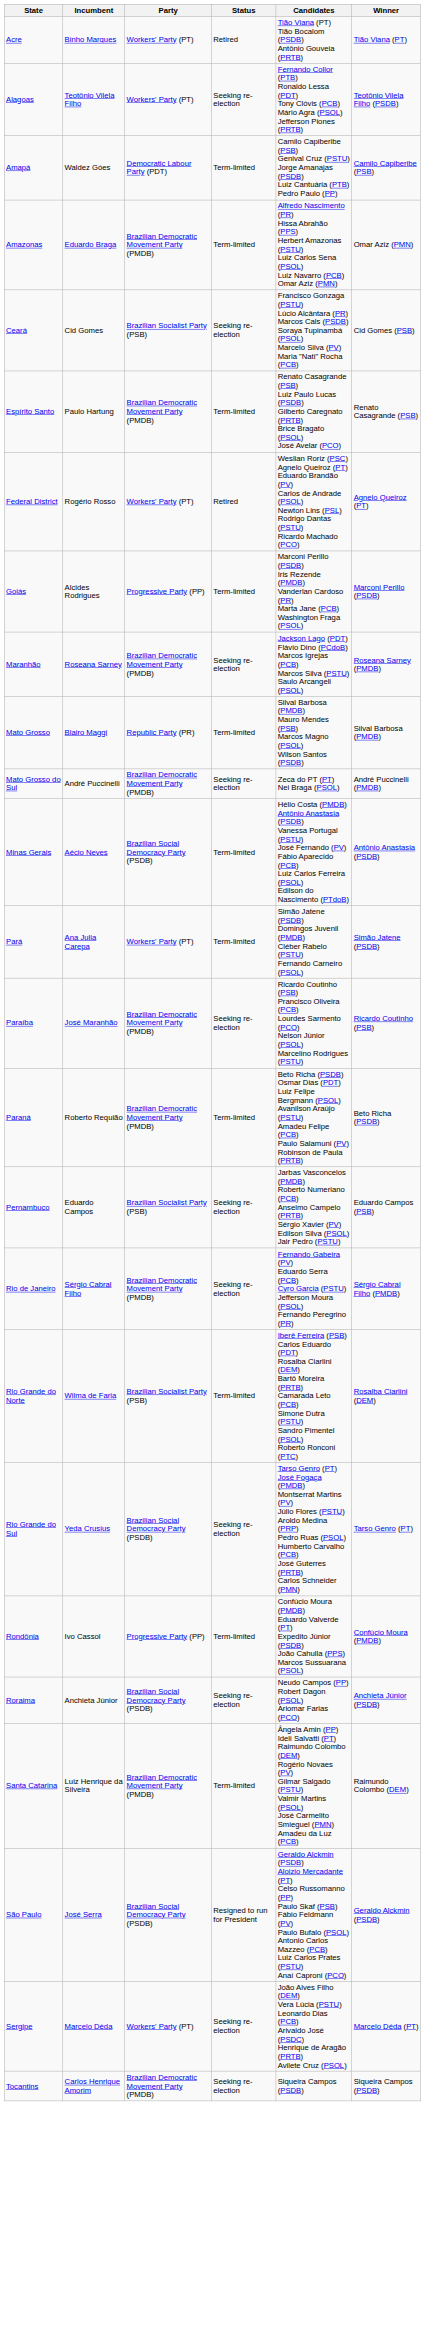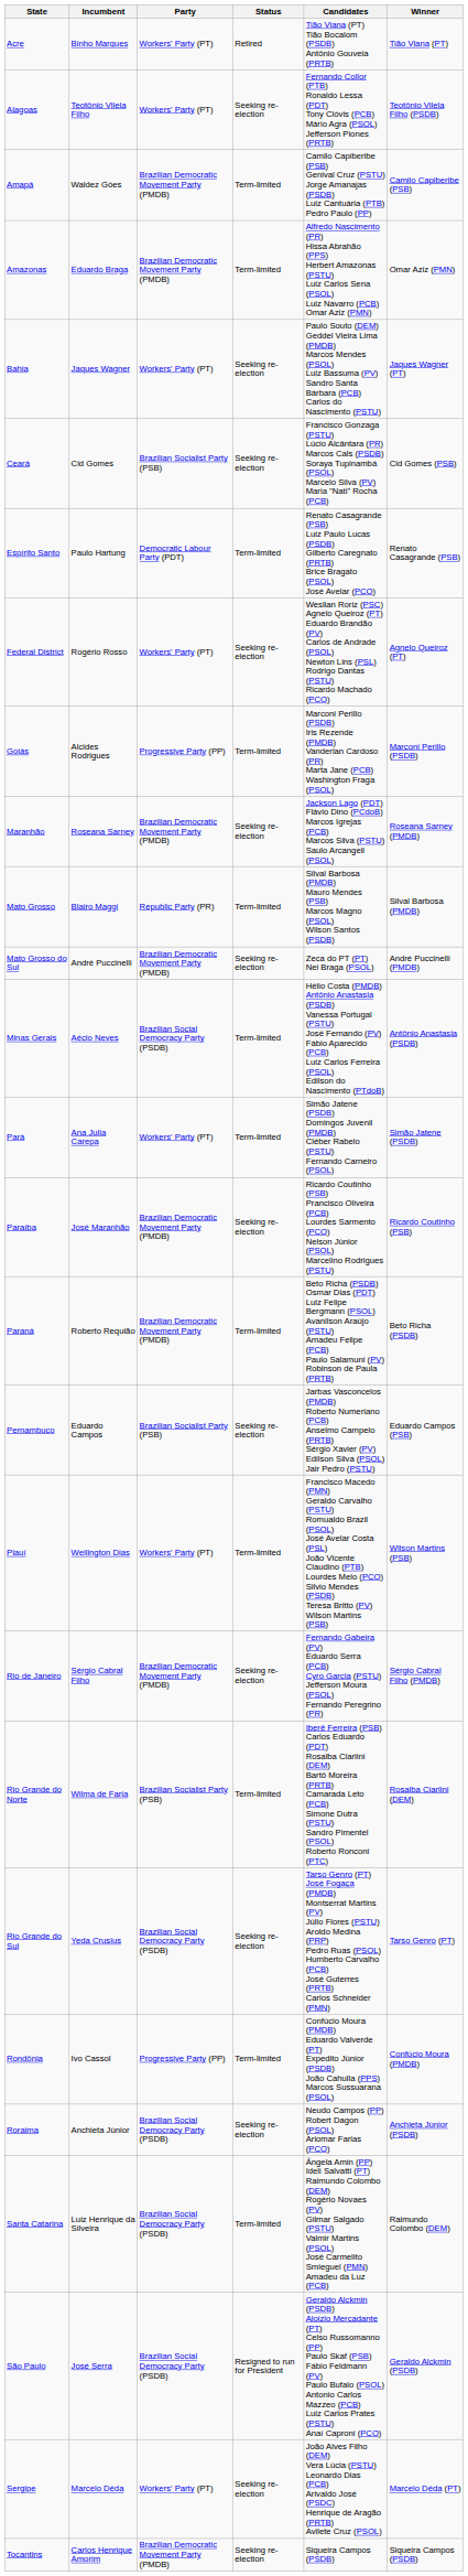 <table class="wikitable sortable">
 <tr>
 <th>State</th>
 <th>Incumbent</th>
 <th>Party</th>
 <th>Status</th>
 <th>Candidates</th>
 <th>Winner</th>
 </tr>
 <tr>
 <td><a href='#'>Acre</a></td>
 <td><a href='#'>Binho Marques</a></td>
 <td><a href='#'>Workers' Party</a> (PT)</td>
 <td>Retired</td>
 <td><a href='#'>Tião Viana</a> (PT)<br>Tião Bocalom (<a href='#'>PSDB</a>)<br>Antônio  Gouveia (<a href='#'>PRTB</a>)</td>
 <td><a href='#'>Tião Viana</a> (<a href='#'>PT</a>)</td>
 </tr>
 <tr>
 <td><a href='#'>Alagoas</a></td>
 <td><a href='#'>Teotônio Vilela Filho</a></td>
 <td><a href='#'>Workers' Party</a> (PT)</td>
 <td>Seeking re-election</td>
 <td><a href='#'>Fernando Collor</a> (<a href='#'>PTB</a>)<br>Ronaldo Lessa (<a href='#'>PDT</a>)<br>Tony Clóvis (<a href='#'>PCB</a>)<br>Mário Agra (<a href='#'>PSOL</a>)<br>Jefferson Piones (<a href='#'>PRTB</a>)</td>
 <td><a href='#'>Teotônio Vilela Filho</a> (<a href='#'>PSDB</a>)</td>
 </tr>
 <tr>
 <td><a href='#'>Amapá</a></td>
 <td>Waldez Góes</td>
-<td><a href='#'>Democratic Labour Party</a> (PDT)</td>
+<td><a href='#'>Brazilian Democratic<br>Movement Party</a> (PMDB)</td>
 <td>Term-limited</td>
 <td>Camilo Capiberibe (<a href='#'>PSB</a>)<br>Genival Cruz (<a href='#'>PSTU</a>)<br>Jorge Amanajas (<a href='#'>PSDB</a>)<br>Luiz Cantuária (<a href='#'>PTB</a>)<br>Pedro Paulo (<a href='#'>PP</a>)</td>
 <td><a href='#'>Camilo Capiberibe</a> (<a href='#'>PSB</a>)</td>
 </tr>
 <tr>
 <td><a href='#'>Amazonas</a></td>
 <td><a href='#'>Eduardo Braga</a></td>
 <td><a href='#'>Brazilian Democratic<br>Movement Party</a> (PMDB)</td>
 <td>Term-limited</td>
 <td><a href='#'>Alfredo Nascimento</a> (<a href='#'>PR</a>)<br>Hissa Abrahão (<a href='#'>PPS</a>)<br>Herbert Amazonas (<a href='#'>PSTU</a>)<br>Luiz Carlos Sena (<a href='#'>PSOL</a>)<br>Luiz Navarro (<a href='#'>PCB</a>)<br>Omar Aziz (<a href='#'>PMN</a>)</td>
 <td>Omar Aziz (<a href='#'>PMN</a>)</td>
 </tr>
 <tr>
+<td><a href='#'>Bahia</a></td>
+<td><a href='#'>Jaques Wagner</a></td>
+<td><a href='#'>Workers' Party</a> (PT)</td>
+<td>Seeking re-election</td>
+<td>Paulo Souto (<a href='#'>DEM</a>)<br>Geddel Vieira Lima (<a href='#'>PMDB</a>)<br>Marcos Mendes (<a href='#'>PSOL</a>)<br>Luiz Bassuma (<a href='#'>PV</a>)<br>Sandro Santa Bárbara (<a href='#'>PCB</a>)<br>Carlos do Nascimento (<a href='#'>PSTU</a>)</td>
+<td><a href='#'>Jaques Wagner</a> (<a href='#'>PT</a>)</td>
+</tr>
+<tr>
 <td><a href='#'>Ceará</a></td>
 <td>Cid Gomes</td>
 <td><a href='#'>Brazilian Socialist Party</a> (PSB)</td>
 <td>Seeking re-election</td>
 <td>Francisco Gonzaga (<a href='#'>PSTU</a>)<br>Lúcio Alcântara (<a href='#'>PR</a>)<br>Marcos Cals (<a href='#'>PSDB</a>)<br>Soraya Tupinambá (<a href='#'>PSOL</a>)<br>Marcelo Silva (<a href='#'>PV</a>)<br>Maria "Nati" Rocha (<a href='#'>PCB</a>)</td>
 <td>Cid Gomes (<a href='#'>PSB</a>)</td>
 </tr>
 <tr>
 <td><a href='#'>Espírito Santo</a></td>
 <td>Paulo Hartung</td>
-<td><a href='#'>Brazilian Democratic<br>Movement Party</a> (PMDB)</td>
+<td><a href='#'>Democratic Labour Party</a> (PDT)</td>
 <td>Term-limited</td>
 <td>Renato Casagrande (<a href='#'>PSB</a>)<br>Luiz Paulo Lucas (<a href='#'>PSDB</a>)<br>Gilberto Caregnato (<a href='#'>PRTB</a>)<br>Brice Bragato (<a href='#'>PSOL</a>)<br>José Avelar (<a href='#'>PCO</a>)</td>
 <td>Renato Casagrande (<a href='#'>PSB</a>)</td>
 </tr>
 <tr>
 <td><a href='#'>Federal District</a></td>
 <td>Rogério Rosso</td>
 <td><a href='#'>Workers' Party</a> (PT)</td>
-<td>Retired</td>
+<td>Seeking re-election</td>
 <td>Weslian Roriz (<a href='#'>PSC</a>)<br>Agnelo Queiroz (<a href='#'>PT</a>)<br>Eduardo Brandão (<a href='#'>PV</a>)<br>Carlos de Andrade (<a href='#'>PSOL</a>)<br>Newton Lins (<a href='#'>PSL</a>)<br>Rodrigo Dantas (<a href='#'>PSTU</a>)<br>Ricardo Machado (<a href='#'>PCO</a>)</td>
 <td><a href='#'>Agnelo Queiroz</a> (<a href='#'>PT</a>)</td>
 </tr>
 <tr>
 <td><a href='#'>Goiás</a></td>
 <td>Alcides Rodrigues</td>
 <td><a href='#'>Progressive Party</a> (PP)</td>
 <td>Term-limited</td>
 <td>Marconi Perillo (<a href='#'>PSDB</a>)<br>Iris Rezende (<a href='#'>PMDB</a>)<br>Vanderlan Cardoso (<a href='#'>PR</a>)<br>Marta Jane (<a href='#'>PCB</a>)<br>Washington Fraga (<a href='#'>PSOL</a>)</td>
 <td><a href='#'>Marconi Perillo</a> (<a href='#'>PSDB</a>)</td>
 </tr>
 <tr>
 <td><a href='#'>Maranhão</a></td>
 <td><a href='#'>Roseana Sarney</a></td>
 <td><a href='#'>Brazilian Democratic<br>Movement Party</a> (PMDB)</td>
 <td>Seeking re-election</td>
 <td><a href='#'>Jackson Lago</a> (<a href='#'>PDT</a>)<br>Flávio Dino (<a href='#'>PCdoB</a>)<br>Marcos Igrejas (<a href='#'>PCB</a>)<br>Marcos Silva (<a href='#'>PSTU</a>)<br>Saulo Arcangeli (<a href='#'>PSOL</a>)</td>
 <td><a href='#'>Roseana Sarney</a> (<a href='#'>PMDB</a>)</td>
 </tr>
 <tr>
 <td><a href='#'>Mato Grosso</a></td>
 <td><a href='#'>Blairo Maggi</a></td>
 <td><a href='#'>Republic Party</a> (PR)</td>
 <td>Term-limited</td>
 <td>Silval Barbosa (<a href='#'>PMDB</a>)<br>Mauro Mendes (<a href='#'>PSB</a>)<br>Marcos Magno (<a href='#'>PSOL</a>)<br>Wilson Santos (<a href='#'>PSDB</a>)</td>
 <td>Silval Barbosa (<a href='#'>PMDB</a>)</td>
 </tr>
 <tr>
 <td><a href='#'>Mato Grosso do Sul</a></td>
 <td>André Puccinelli</td>
 <td><a href='#'>Brazilian Democratic<br>Movement Party</a> (PMDB)</td>
 <td>Seeking re-election</td>
 <td>Zeca do PT (<a href='#'>PT</a>)<br>Nei Braga (<a href='#'>PSOL</a>)</td>
 <td>André Puccinelli (<a href='#'>PMDB</a>)</td>
 </tr>
 <tr>
 <td><a href='#'>Minas Gerais</a></td>
 <td><a href='#'>Aécio Neves</a></td>
 <td><a href='#'>Brazilian Social Democracy Party</a> (PSDB)</td>
 <td>Term-limited</td>
 <td>Hélio Costa (<a href='#'>PMDB</a>)<br><a href='#'>Antônio Anastasia</a> (<a href='#'>PSDB</a>)<br>Vanessa Portugal (<a href='#'>PSTU</a>)<br>José Fernando (<a href='#'>PV</a>)<br>Fábio Aparecido (<a href='#'>PCB</a>)<br>Luiz Carlos Ferreira (<a href='#'>PSOL</a>)<br>Edilson do Nascimento (<a href='#'>PTdoB</a>)</td>
 <td><a href='#'>Antônio Anastasia</a> (<a href='#'>PSDB</a>)</td>
 </tr>
 <tr>
 <td><a href='#'>Pará</a></td>
 <td><a href='#'>Ana Julia Carepa</a></td>
 <td><a href='#'>Workers' Party</a> (PT)</td>
 <td>Term-limited</td>
 <td>Simão Jatene (<a href='#'>PSDB</a>)<br>Domingos Juvenil (<a href='#'>PMDB</a>)<br>Cléber Rabelo (<a href='#'>PSTU</a>)<br>Fernando Carneiro (<a href='#'>PSOL</a>)</td>
 <td><a href='#'>Simão Jatene</a> (<a href='#'>PSDB</a>)</td>
 </tr>
 <tr>
 <td><a href='#'>Paraíba</a></td>
 <td><a href='#'>José Maranhão</a></td>
 <td><a href='#'>Brazilian Democratic<br>Movement Party</a> (PMDB)</td>
 <td>Seeking re-election</td>
 <td>Ricardo Coutinho (<a href='#'>PSB</a>)<br>Prancisco Oliveira (<a href='#'>PCB</a>)<br>Lourdes Sarmento (<a href='#'>PCO</a>)<br>Nelson Júnior (<a href='#'>PSOL</a>)<br>Marcelino Rodrigues (<a href='#'>PSTU</a>)</td>
 <td><a href='#'>Ricardo Coutinho</a> (<a href='#'>PSB</a>)</td>
 </tr>
 <tr>
 <td><a href='#'>Paraná</a></td>
 <td>Roberto Requião</td>
 <td><a href='#'>Brazilian Democratic<br>Movement Party</a> (PMDB)</td>
 <td>Term-limited</td>
 <td>Beto Richa (<a href='#'>PSDB</a>)<br>Osmar Dias (<a href='#'>PDT</a>)<br>Luiz Felipe Bergmann (<a href='#'>PSOL</a>)<br>Avanilson Araújo (<a href='#'>PSTU</a>)<br>Amadeu Felipe (<a href='#'>PCB</a>)<br>Paulo Salamuni (<a href='#'>PV</a>)<br>Robinson de Paula (<a href='#'>PRTB</a>)</td>
 <td>Beto Richa (<a href='#'>PSDB</a>)</td>
 </tr>
 <tr>
 <td><a href='#'>Pernambuco</a></td>
 <td>Eduardo Campos</td>
 <td><a href='#'>Brazilian Socialist Party</a> (PSB)</td>
 <td>Seeking re-election</td>
 <td>Jarbas Vasconcelos (<a href='#'>PMDB</a>)<br>Roberto Numeriano (<a href='#'>PCB</a>)<br>Anselmo Campelo (<a href='#'>PRTB</a>)<br>Sérgio Xavier (<a href='#'>PV</a>)<br>Edilson Silva (<a href='#'>PSOL</a>)<br>Jair Pedro (<a href='#'>PSTU</a>)</td>
 <td>Eduardo Campos (<a href='#'>PSB</a>)</td>
 </tr>
 <tr>
+<td><a href='#'>Piauí</a></td>
+<td><a href='#'>Wellington Dias</a></td>
+<td><a href='#'>Workers' Party</a> (PT)</td>
+<td>Term-limited</td>
+<td>Francisco Macedo (<a href='#'>PMN</a>)<br>Geraldo Carvalho (<a href='#'>PSTU</a>)<br>Romualdo Brazil (<a href='#'>PSOL</a>)<br>José Avelar Costa (<a href='#'>PSL</a>)<br>João Vicente Claudino (<a href='#'>PTB</a>)<br>Lourdes Melo (<a href='#'>PCO</a>)<br>Silvio Mendes (<a href='#'>PSDB</a>)<br>Teresa Britto (<a href='#'>PV</a>)<br>Wilson Martins (<a href='#'>PSB</a>)</td>
+<td><a href='#'>Wilson Martins</a> (<a href='#'>PSB</a>)</td>
+</tr>
+<tr>
 <td><a href='#'>Rio de Janeiro</a></td>
 <td><a href='#'>Sérgio Cabral Filho</a></td>
 <td><a href='#'>Brazilian Democratic<br>Movement Party</a> (PMDB)</td>
 <td>Seeking re-election</td>
 <td><a href='#'>Fernando Gabeira</a> (<a href='#'>PV</a>)<br>Eduardo Serra (<a href='#'>PCB</a>)<br><a href='#'>Cyro Garcia</a> (<a href='#'>PSTU</a>)<br>Jefferson Moura (<a href='#'>PSOL</a>)<br>Fernando Peregrino (<a href='#'>PR</a>)</td>
 <td><a href='#'>Sérgio Cabral Filho</a> (<a href='#'>PMDB</a>)</td>
 </tr>
 <tr>
 <td><a href='#'>Rio Grande do Norte</a></td>
 <td><a href='#'>Wilma de Faria</a></td>
 <td><a href='#'>Brazilian Socialist Party</a> (PSB)</td>
 <td>Term-limited</td>
 <td><a href='#'>Iberê Ferreira</a> (<a href='#'>PSB</a>)<br>Carlos Eduardo (<a href='#'>PDT</a>)<br>Rosalba Ciarlini (<a href='#'>DEM</a>)<br>Bartô Moreira (<a href='#'>PRTB</a>)<br>Camarada Leto (<a href='#'>PCB</a>)<br>Simone Dutra (<a href='#'>PSTU</a>)<br>Sandro Pimentel (<a href='#'>PSOL</a>)<br>Roberto Ronconi (<a href='#'>PTC</a>)</td>
 <td><a href='#'>Rosalba Ciarlini</a> (<a href='#'>DEM</a>)</td>
 </tr>
 <tr>
 <td><a href='#'>Rio Grande do Sul</a></td>
 <td><a href='#'>Yeda Crusius</a></td>
 <td><a href='#'>Brazilian Social Democracy Party</a> (PSDB)</td>
 <td>Seeking re-election</td>
 <td><a href='#'>Tarso Genro</a> (<a href='#'>PT</a>)<br><a href='#'>José Fogaça</a> (<a href='#'>PMDB</a>)<br>Montserrat Martins (<a href='#'>PV</a>)<br>Júlio Flores (<a href='#'>PSTU</a>)<br>Aroldo Medina (<a href='#'>PRP</a>)<br>Pedro Ruas (<a href='#'>PSOL</a>)<br>Humberto Carvalho (<a href='#'>PCB</a>)<br>José Guterres (<a href='#'>PRTB</a>)<br>Carlos Schneider (<a href='#'>PMN</a>)</td>
 <td><a href='#'>Tarso Genro</a> (<a href='#'>PT</a>)</td>
 </tr>
 <tr>
 <td><a href='#'>Rondônia</a></td>
 <td>Ivo Cassol</td>
 <td><a href='#'>Progressive Party</a> (PP)</td>
 <td>Term-limited</td>
 <td>Confúcio Moura (<a href='#'>PMDB</a>)<br>Eduardo Valverde (<a href='#'>PT</a>)<br>Expedito Júnior (<a href='#'>PSDB</a>)<br>João Cahulla (<a href='#'>PPS</a>)<br>Marcos Sussuarana (<a href='#'>PSOL</a>)</td>
 <td><a href='#'>Confúcio Moura</a> (<a href='#'>PMDB</a>)</td>
 </tr>
 <tr>
 <td><a href='#'>Roraima</a></td>
 <td>Anchieta Júnior</td>
 <td><a href='#'>Brazilian Social Democracy Party</a> (PSDB)</td>
 <td>Seeking re-election</td>
 <td>Neudo Campos (<a href='#'>PP</a>)<br>Robert Dagon (<a href='#'>PSOL</a>)<br>Ariomar Farias (<a href='#'>PCO</a>)</td>
 <td><a href='#'>Anchieta Júnior</a> (<a href='#'>PSDB</a>)</td>
 </tr>
 <tr>
 <td><a href='#'>Santa Catarina</a></td>
 <td>Luiz Henrique da Silveira</td>
-<td><a href='#'>Brazilian Democratic<br>Movement Party</a> (PMDB)</td>
+<td><a href='#'>Brazilian Social Democracy Party</a> (PSDB)</td>
 <td>Term-limited</td>
 <td>Ângela Amin (<a href='#'>PP</a>)<br>Ideli Salvatti (<a href='#'>PT</a>)<br>Raimundo Colombo (<a href='#'>DEM</a>)<br>Rogério Novaes (<a href='#'>PV</a>)<br>Gilmar Salgado (<a href='#'>PSTU</a>)<br>Valmir Martins (<a href='#'>PSOL</a>)<br>José Carmelito Smieguel (<a href='#'>PMN</a>)<br>Amadeu da Luz (<a href='#'>PCB</a>)</td>
 <td>Raimundo Colombo (<a href='#'>DEM</a>)</td>
 </tr>
 <tr>
 <td><a href='#'>São Paulo</a></td>
 <td><a href='#'>José Serra</a></td>
 <td><a href='#'>Brazilian Social Democracy Party</a> (PSDB)</td>
 <td>Resigned to run for President</td>
 <td><a href='#'>Geraldo Alckmin</a> (<a href='#'>PSDB</a>)<br><a href='#'>Aloizio Mercadante</a> (<a href='#'>PT</a>)<br>Celso Russomanno (<a href='#'>PP</a>)<br>Paulo Skaf (<a href='#'>PSB</a>)<br>Fábio Feldmann (<a href='#'>PV</a>)<br>Paulo Bufalo (<a href='#'>PSOL</a>)<br>Antonio Carlos Mazzeo (<a href='#'>PCB</a>)<br>Luiz Carlos Prates (<a href='#'>PSTU</a>)<br>Anaí Caproni (<a href='#'>PCO</a>)</td>
 <td><a href='#'>Geraldo Alckmin</a> (<a href='#'>PSDB</a>)</td>
 </tr>
 <tr>
 <td><a href='#'>Sergipe</a></td>
 <td><a href='#'>Marcelo Déda</a></td>
 <td><a href='#'>Workers' Party</a> (PT)</td>
 <td>Seeking re-election</td>
 <td>João Alves Filho (<a href='#'>DEM</a>)<br>Vera Lúcia (<a href='#'>PSTU</a>)<br>Leonardo Dias (<a href='#'>PCB</a>)<br>Arivaldo José (<a href='#'>PSDC</a>)<br>Henrique de Aragão (<a href='#'>PRTB</a>)<br>Avilete Cruz (<a href='#'>PSOL</a>)</td>
 <td><a href='#'>Marcelo Déda</a> (<a href='#'>PT</a>)</td>
 </tr>
 <tr>
 <td><a href='#'>Tocantins</a></td>
 <td><a href='#'>Carlos Henrique Amorim</a></td>
 <td><a href='#'>Brazilian Democratic<br>Movement Party</a> (PMDB)</td>
 <td>Seeking re-election</td>
 <td>Siqueira Campos (<a href='#'>PSDB</a>)</td>
 <td>Siqueira Campos (<a href='#'>PSDB</a>)</td>
 </tr>
 </table>
